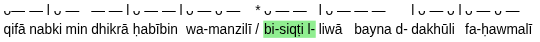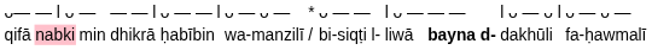 <table>
 <tr>
 <td>ᴗ—</td>
 <td>— l ᴗ</td>
 <td>—</td>
 <td>— — l</td>
 <td>ᴗ — — l</td>
 <td>ᴗ — ᴗ —</td>
 <td>*</td>
 <td>ᴗ —  —</td>
 <td>l ᴗ —</td>
 <td>— —</td>
 <td>l ᴗ — ᴗ l</td>
 <td>ᴗ — ᴗ —</td>
 </tr>
 <tr>
 <td>qifā</td>
-<td>nabki</td>
+<td style="background: pink;">nabki</td>
 <td>min</td>
 <td>dhikrā</td>
 <td>ḥabībin</td>
 <td>wa-manzilī</td>
 <td>/</td>
-<td style="background: lightgreen;">bi-siqṭi l-</td>
+<td>bi-siqṭi l-</td>
 <td>liwā</td>
-<td>bayna d-</td>
+<td><strong>bayna d-</strong></td>
 <td>dakhūli</td>
 <td>fa-ḥawmalī</td>
 </tr>
 </table>
